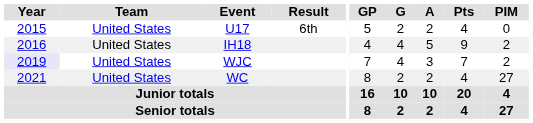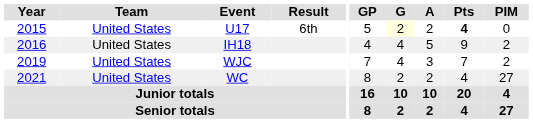 <table border="0" cellpadding="1" cellspacing="0" ID="Table3" style="text-align:center; width:40em">
 <tr bgcolor="#e0e0e0">
 <th>Year</th>
 <th>Team</th>
 <th>Event</th>
 <th>Result</th>
 <th rowspan="102" bgcolor="#ffffff"></th>
 <th>GP</th>
 <th>G</th>
 <th>A</th>
 <th>Pts</th>
 <th>PIM</th>
 </tr>
 <tr>
 <td><a href='#'>2015</a></td>
 <td><a href='#'>United States</a></td>
 <td><a href='#'>U17</a></td>
 <td>6th</td>
 <td>5</td>
+<td style="background: lightyellow;">2</td>
 <td>2</td>
-<td>2</td>
-<td>4</td>
+<td><strong>4</strong></td>
 <td>0</td>
 </tr>
 <tr bgcolor="#f0f0f0">
 <td><a href='#'>2016</a></td>
 <td>United States</td>
 <td><a href='#'>IH18</a></td>
 <td></td>
 <td>4</td>
 <td>4</td>
 <td>5</td>
 <td>9</td>
 <td>2</td>
 </tr>
 <tr>
-<td style="background: lavender;"><a href='#'>2019</a></td>
+<td><a href='#'>2019</a></td>
 <td><a href='#'>United States</a></td>
 <td><a href='#'>WJC</a></td>
 <td></td>
 <td>7</td>
 <td>4</td>
 <td>3</td>
 <td>7</td>
 <td>2</td>
 </tr>
 <tr bgcolor="#f0f0f0">
 <td><a href='#'>2021</a></td>
 <td><a href='#'>United States</a></td>
 <td><a href='#'>WC</a></td>
 <td></td>
 <td>8</td>
 <td>2</td>
 <td>2</td>
 <td>4</td>
 <td>27</td>
 </tr>
 <tr bgcolor="#e0e0e0">
 <th colspan="4">Junior totals</th>
 <th>16</th>
 <th>10</th>
 <th>10</th>
 <th>20</th>
 <th>4</th>
 </tr>
 <tr bgcolor="#e0e0e0">
 <th colspan="4">Senior totals</th>
 <th>8</th>
 <th>2</th>
 <th>2</th>
 <th>4</th>
 <th>27</th>
 </tr>
 </table>
